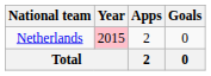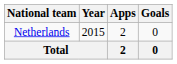 <table class="wikitable" style="text-align:center">
 <tr>
 <th>National team</th>
 <th>Year</th>
 <th>Apps</th>
 <th>Goals</th>
 </tr>
 <tr>
 <td><a href='#'>Netherlands</a></td>
-<td style="background: pink;">2015</td>
+<td>2015</td>
 <td>2</td>
 <td>0</td>
 </tr>
 <tr>
 <th colspan="2">Total</th>
 <th>2</th>
 <th>0</th>
 </tr>
 </table>
